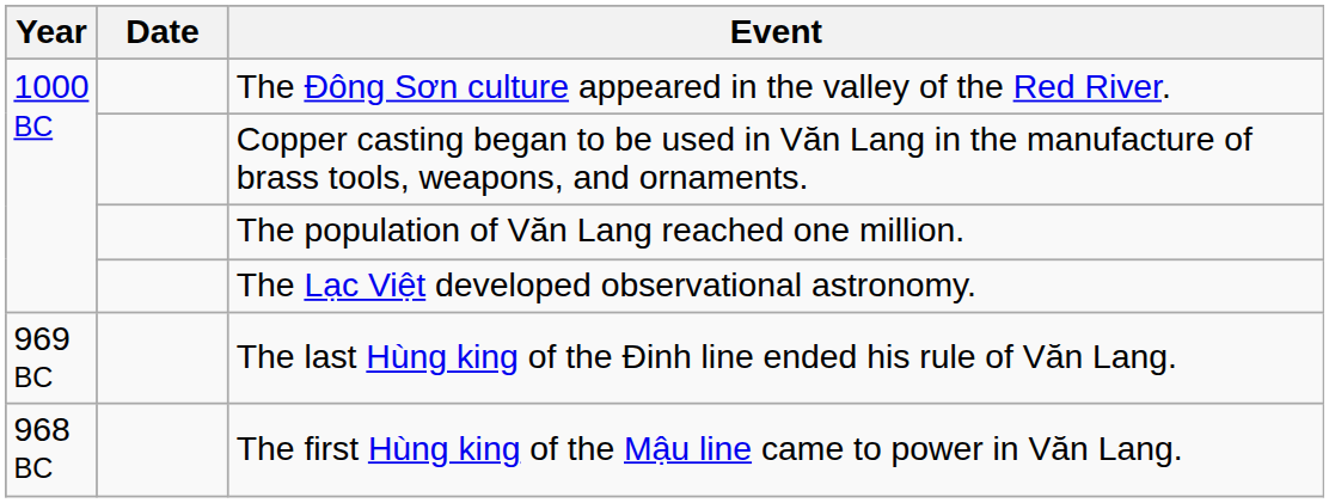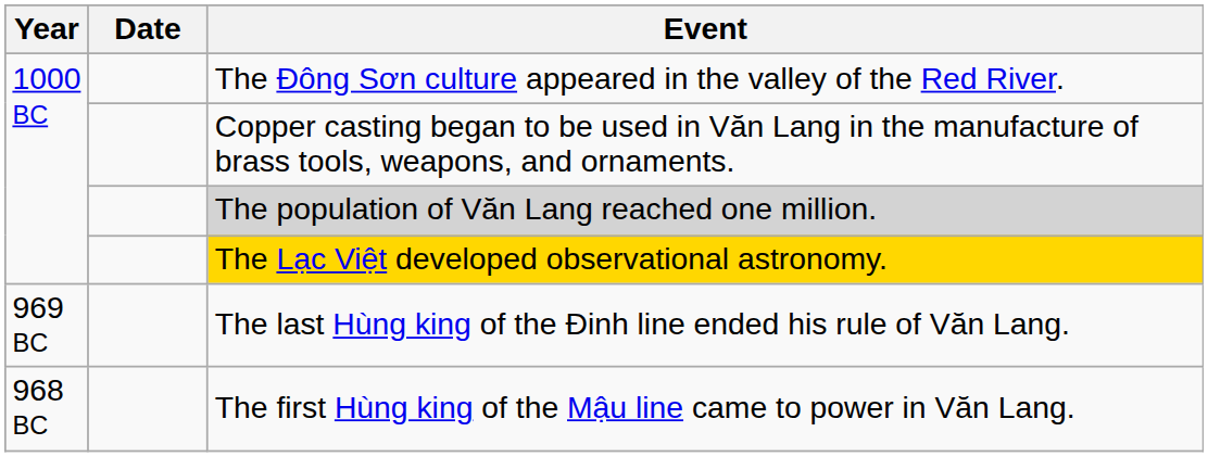 <table class="wikitable" width="100%">
 <tr>
 <th style="width:6%">Year</th>
 <th style="width:10%">Date</th>
 <th>Event</th>
 </tr>
 <tr>
 <td rowspan="4" valign="top"><a href='#'>1000 <small>BC</small></a></td>
 <td></td>
 <td>The <a href='#'>Đông Sơn culture</a> appeared in the valley of the <a href='#'>Red River</a>.</td>
 </tr>
 <tr>
 <td></td>
 <td>Copper casting began to be used in Văn Lang in the manufacture of brass tools, weapons, and ornaments.</td>
 </tr>
 <tr>
 <td></td>
-<td>The population of Văn Lang reached one million.</td>
+<td style="background: lightgrey;">The population of Văn Lang reached one million.</td>
 </tr>
 <tr>
 <td></td>
-<td>The <a href='#'>Lạc Việt</a> developed observational astronomy.</td>
+<td style="background: gold;">The <a href='#'>Lạc Việt</a> developed observational astronomy.</td>
 </tr>
 <tr>
 <td>969 <small>BC</small></td>
 <td></td>
 <td>The last <a href='#'>Hùng king</a> of the Đinh line ended his rule of Văn Lang.</td>
 </tr>
 <tr>
 <td>968 <small>BC</small></td>
 <td></td>
 <td>The first <a href='#'>Hùng king</a> of the <a href='#'>Mậu line</a> came to power in Văn Lang.</td>
 </tr>
 </table>
